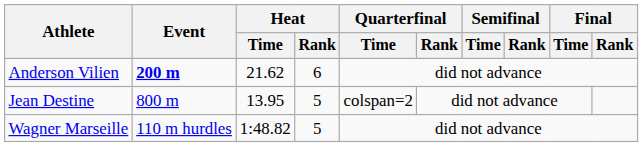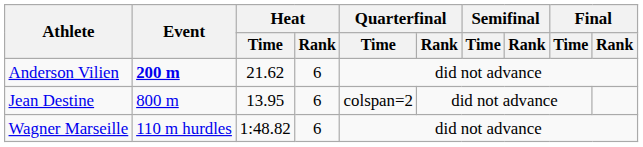 <table class=wikitable style=font-size:90%;text-align:center>
 <tr>
 <th rowspan=2>Athlete</th>
 <th rowspan=2>Event</th>
 <th colspan=2>Heat</th>
 <th colspan=2>Quarterfinal</th>
 <th colspan=2>Semifinal</th>
 <th colspan=2>Final</th>
 </tr>
 <tr style=font-size:95%>
 <th>Time</th>
 <th>Rank</th>
 <th>Time</th>
 <th>Rank</th>
 <th>Time</th>
 <th>Rank</th>
 <th>Time</th>
 <th>Rank</th>
 </tr>
 <tr>
 <td align=left><a href='#'>Anderson Vilien</a></td>
 <td align=left><strong><a href='#'>200 m</a></strong></td>
 <td>21.62</td>
 <td>6</td>
 <td colspan=6>did not advance</td>
 </tr>
 <tr>
 <td align=left><a href='#'>Jean Destine</a></td>
 <td align=left><a href='#'>800 m</a></td>
 <td>13.95</td>
-<td>5</td>
+<td>6</td>
 <td>colspan=2 </td>
 <td colspan=4>did not advance</td>
 </tr>
 <tr>
 <td align=left><a href='#'>Wagner Marseille</a></td>
 <td align=left><a href='#'>110 m hurdles</a></td>
 <td>1:48.82</td>
-<td>5</td>
+<td>6</td>
 <td colspan=6>did not advance</td>
 </tr>
 </table>
